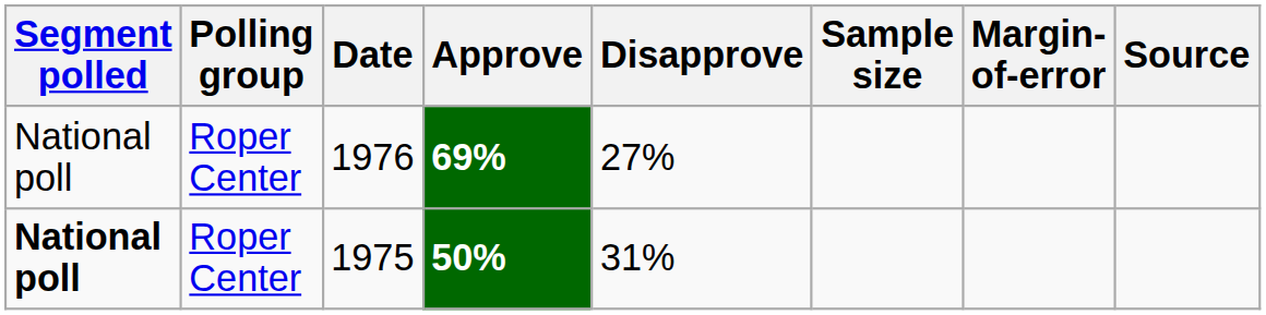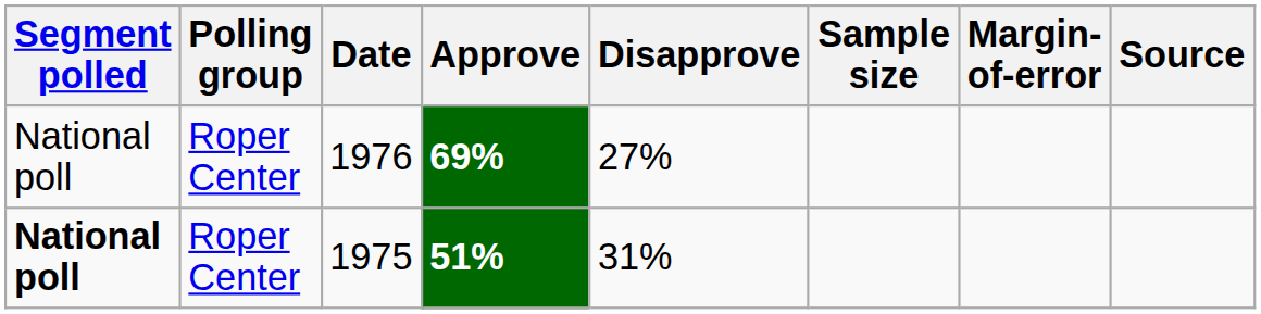 <table class="wikitable sortable" style="width: 75%;">
 <tr>
 <th><a href='#'>Segment polled</a></th>
 <th>Polling group</th>
 <th>Date</th>
 <th>Approve</th>
 <th>Disapprove</th>
 <th>Sample size</th>
 <th>Margin-of-error</th>
 <th>Source</th>
 </tr>
 <tr>
 <td>National poll</td>
 <td><a href='#'>Roper Center</a></td>
 <td>1976</td>
 <td style="background:#006800; color: white"><strong>69%</strong></td>
 <td>27%</td>
 <td></td>
 <td></td>
 <td></td>
 </tr>
 <tr>
 <td><strong>National poll</strong></td>
 <td><a href='#'>Roper Center</a></td>
 <td>1975</td>
-<td style="background:#006800; color: white"><strong>50%</strong></td>
+<td style="background:#006800; color: white"><strong>51%</strong></td>
 <td>31%</td>
 <td></td>
 <td></td>
 <td></td>
 </tr>
 </table>
